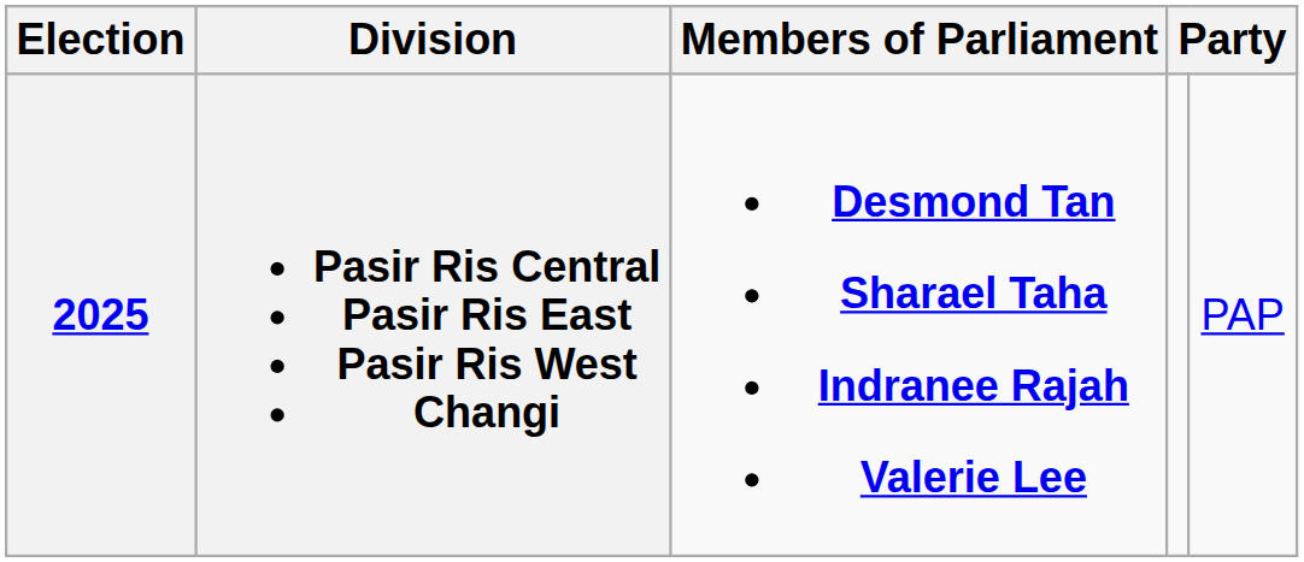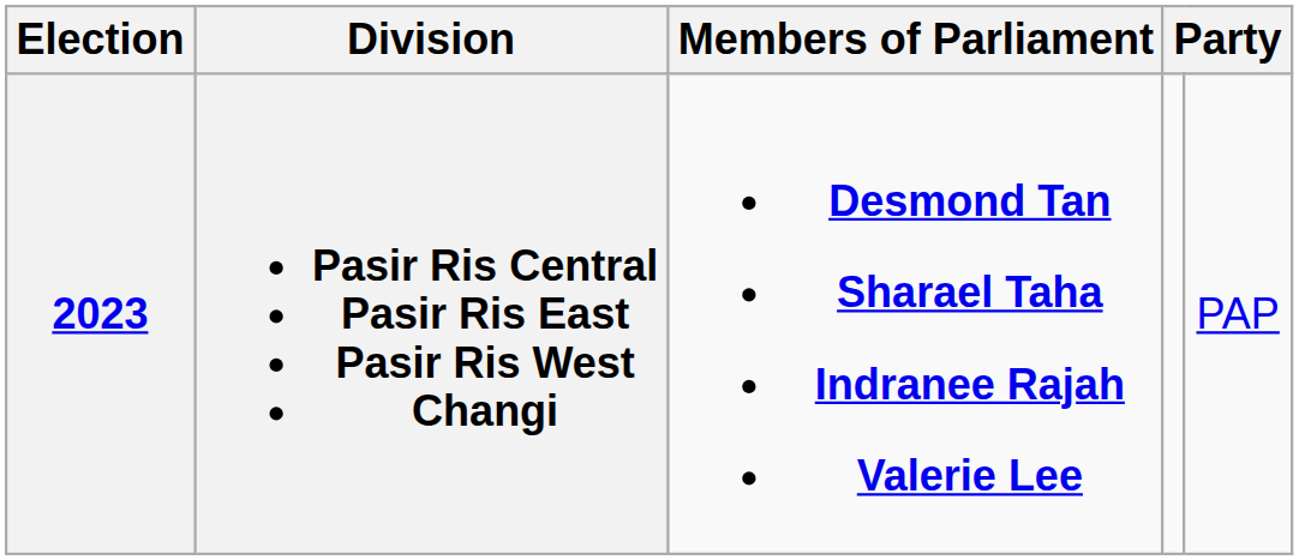 <table class="wikitable" align="center" style="text-align:center">
 <tr>
 <th>Election</th>
 <th>Division</th>
 <th>Members of Parliament</th>
 <th colspan="2">Party</th>
 </tr>
 <tr>
-<th><a href='#'>2025</a></th>
+<th><a href='#'>2023</a></th>
 <th><br><ul><li>Pasir Ris Central</li><li>Pasir Ris East</li><li>Pasir Ris West</li><li>Changi</li></ul></th>
 <td><strong><br><ul><li><a href='#'>Desmond Tan</a></li></ul><ul><li><a href='#'>Sharael Taha</a></li></ul><ul><li><a href='#'>Indranee Rajah</a></li></ul><ul><li><a href='#'>Valerie Lee</a></li></ul></strong></td>
 <td rowspan="1"></td>
 <td rowspan="1"><a href='#'>PAP</a></td>
 </tr>
 </table>
